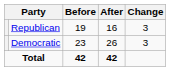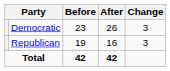 <table class="wikitable" style="text-align:center;">
 <tr>
 <th colspan="2">Party</th>
 <th>Before</th>
 <th>After</th>
 <th>Change</th>
 </tr>
 <tr>
 <th style="background-color:"></th>
-<td style="text-align:left;"><a href='#'>Republican</a></td>
-<td>19</td>
-<td>16</td>
+<td style="text-align:left;"><a href='#'>Democratic</a></td>
+<td>23</td>
+<td>26</td>
 <td> 3</td>
 </tr>
 <tr>
 <th style="background-color:"></th>
-<td style="text-align:left;"><a href='#'>Democratic</a></td>
-<td>23</td>
-<td>26</td>
+<td style="text-align:left;"><a href='#'>Republican</a></td>
+<td>19</td>
+<td>16</td>
 <td> 3</td>
 </tr>
 <tr>
 <td colspan="2"><strong>Total</strong></td>
 <td><strong>42</strong></td>
 <td><strong>42</strong></td>
 <td></td>
 </tr>
 </table>
